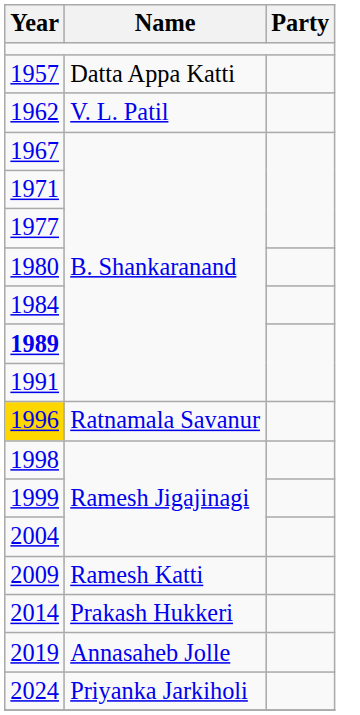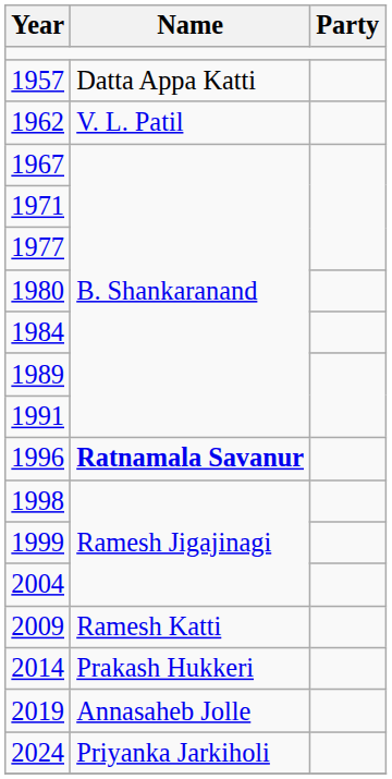 <table class="wikitable">
 <tr>
 <th>Year</th>
 <th>Name</th>
 <th colspan="2">Party</th>
 </tr>
 <tr>
 <td colspan="4"></td>
 </tr>
 <tr>
 <td><a href='#'>1957</a></td>
 <td>Datta Appa Katti</td>
 <td></td>
 </tr>
 <tr>
 <td><a href='#'>1962</a></td>
 <td><a href='#'>V. L. Patil</a></td>
 <td></td>
 </tr>
 <tr>
 <td><a href='#'>1967</a></td>
 <td rowspan="7"><a href='#'>B. Shankaranand</a></td>
 </tr>
 <tr>
 <td><a href='#'>1971</a></td>
 </tr>
 <tr>
 <td><a href='#'>1977</a></td>
 </tr>
 <tr>
 <td><a href='#'>1980</a></td>
 <td></td>
 </tr>
 <tr>
 <td><a href='#'>1984</a></td>
 <td></td>
 </tr>
 <tr>
-<td><strong><a href='#'>1989</a></strong></td>
+<td><a href='#'>1989</a></td>
 </tr>
 <tr>
 <td><a href='#'>1991</a></td>
 </tr>
 <tr>
-<td style="background: gold;"><a href='#'>1996</a></td>
-<td><a href='#'>Ratnamala Savanur</a></td>
+<td><a href='#'>1996</a></td>
+<td><strong><a href='#'>Ratnamala Savanur</a></strong></td>
 <td></td>
 </tr>
 <tr>
 <td><a href='#'>1998</a></td>
 <td rowspan="3"><a href='#'>Ramesh Jigajinagi</a></td>
 <td></td>
 </tr>
 <tr>
 <td><a href='#'>1999</a></td>
 <td></td>
 </tr>
 <tr>
 <td><a href='#'>2004</a></td>
 <td></td>
 </tr>
 <tr>
 <td><a href='#'>2009</a></td>
 <td><a href='#'>Ramesh Katti</a></td>
 </tr>
 <tr>
 <td><a href='#'>2014</a></td>
 <td><a href='#'>Prakash Hukkeri</a></td>
 <td></td>
 </tr>
 <tr>
 <td><a href='#'>2019</a></td>
 <td><a href='#'>Annasaheb Jolle</a></td>
 <td></td>
 </tr>
 <tr>
 <td><a href='#'>2024</a></td>
 <td><a href='#'>Priyanka Jarkiholi</a></td>
 <td></td>
 </tr>
 <tr>
 </tr>
 </table>
